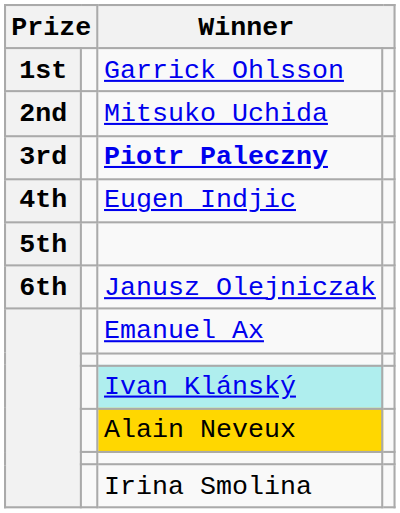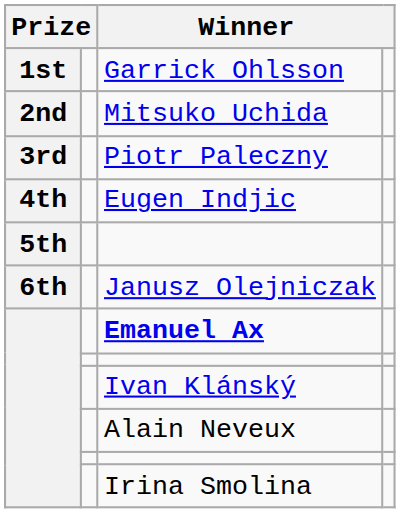 <table class="wikitable">
 <tr>
 <th colspan="2">Prize</th>
 <th colspan="2">Winner</th>
 </tr>
 <tr>
 <th>1st</th>
 <td></td>
 <td><a href='#'>Garrick Ohlsson</a></td>
 <td></td>
 </tr>
 <tr>
 <th>2nd</th>
 <td></td>
 <td><a href='#'>Mitsuko Uchida</a></td>
 <td></td>
 </tr>
 <tr>
 <th>3rd</th>
 <td></td>
-<td><strong><a href='#'>Piotr Paleczny</a></strong></td>
+<td><a href='#'>Piotr Paleczny</a></td>
 <td></td>
 </tr>
 <tr>
 <th>4th</th>
 <td></td>
 <td><a href='#'>Eugen Indjic</a></td>
 <td></td>
 </tr>
 <tr>
 <th>5th</th>
 <td></td>
 <td></td>
 <td></td>
 </tr>
 <tr>
 <th>6th</th>
 <td></td>
 <td><a href='#'>Janusz Olejniczak</a></td>
 <td></td>
 </tr>
 <tr>
 <th rowspan="6"></th>
 <td></td>
-<td><a href='#'>Emanuel Ax</a></td>
+<td><strong><a href='#'>Emanuel Ax</a></strong></td>
 <td></td>
 </tr>
 <tr>
 <td></td>
 <td></td>
 <td></td>
 </tr>
 <tr>
 <td></td>
-<td style="background: paleturquoise;"><a href='#'>Ivan Klánský</a></td>
+<td><a href='#'>Ivan Klánský</a></td>
 <td></td>
 </tr>
 <tr>
 <td></td>
-<td style="background: gold;">Alain Neveux</td>
+<td>Alain Neveux</td>
 <td></td>
 </tr>
 <tr>
 <td></td>
 <td></td>
 <td></td>
 </tr>
 <tr>
 <td></td>
 <td>Irina Smolina</td>
 <td></td>
 </tr>
 </table>
